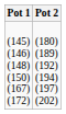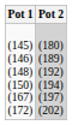 <table class="wikitable">
 <tr>
 <th width=50%>Pot 1</th>
 <th width=50%>Pot 2</th>
 </tr>
 <tr>
 <td><br><strong></strong> (145)<br> <strong></strong> (146)<br> <strong></strong> (148)<br> <strong></strong> (150)<br> <strong></strong> (167)<br>  (172)</td>
-<td><br> (180)<br> <strong></strong> (189)<br>  (192)<br>  (194)<br>  (197)<br>  (202)</td>
+<td style="background: lightgrey;"><br> (180)<br> <strong></strong> (189)<br>  (192)<br>  (194)<br>  (197)<br>  (202)</td>
 </tr>
 </table>
